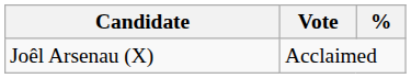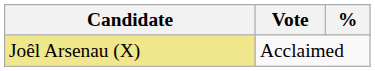 <table class="wikitable">
 <tr>
 <th bgcolor="#DDDDFF" width="200px">Candidate</th>
 <th bgcolor="#DDDDFF" width="50px">Vote</th>
 <th bgcolor="#DDDDFF" width="30px">%</th>
 </tr>
 <tr>
-<td>Joêl Arsenau (X)</td>
+<td style="background: khaki;">Joêl Arsenau (X)</td>
 <td colspan="2">Acclaimed</td>
 </tr>
 </table>
